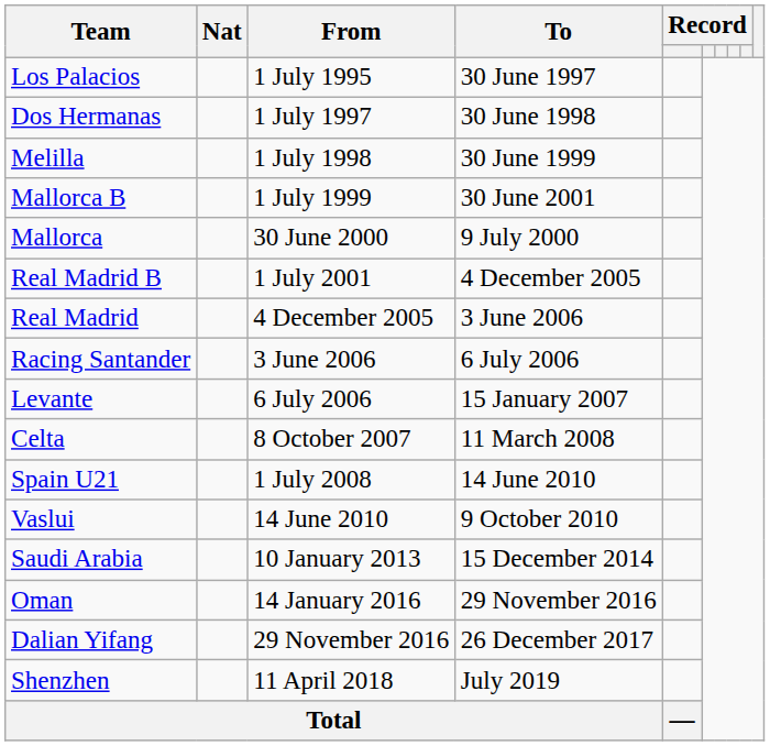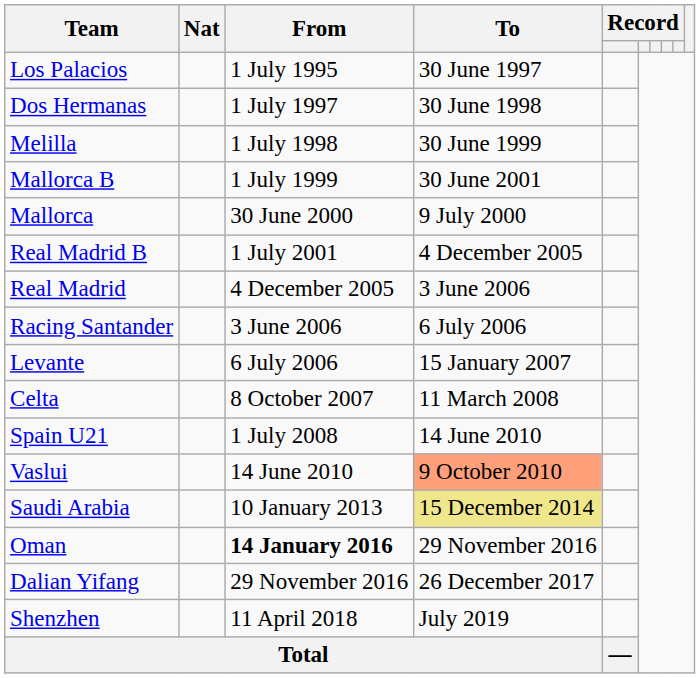 <table class="wikitable" style="text-align: center">
 <tr>
 <th rowspan="2">Team</th>
 <th rowspan="2">Nat</th>
 <th rowspan="2">From</th>
 <th rowspan="2">To</th>
 <th colspan=5>Record</th>
 <th rowspan="2"></th>
 </tr>
 <tr>
 <th></th>
 <th></th>
 <th></th>
 <th></th>
 <th></th>
 </tr>
 <tr>
 <td align=left><a href='#'>Los Palacios</a></td>
 <td></td>
 <td align=left>1 July 1995</td>
 <td align=left>30 June 1997<br></td>
 <td></td>
 </tr>
 <tr>
 <td align=left><a href='#'>Dos Hermanas</a></td>
 <td></td>
 <td align=left>1 July 1997</td>
 <td align=left>30 June 1998<br></td>
 <td></td>
 </tr>
 <tr>
 <td align=left><a href='#'>Melilla</a></td>
 <td></td>
 <td align=left>1 July 1998</td>
 <td align=left>30 June 1999<br></td>
 <td></td>
 </tr>
 <tr>
 <td align=left><a href='#'>Mallorca B</a></td>
 <td></td>
 <td align=left>1 July 1999</td>
 <td align=left>30 June 2001<br></td>
 <td></td>
 </tr>
 <tr>
 <td align=left><a href='#'>Mallorca</a></td>
 <td></td>
 <td align=left>30 June 2000</td>
 <td align=left>9 July 2000<br></td>
 <td></td>
 </tr>
 <tr>
 <td align=left><a href='#'>Real Madrid B</a></td>
 <td></td>
 <td align=left>1 July 2001</td>
 <td align=left>4 December 2005<br></td>
 <td></td>
 </tr>
 <tr>
 <td align=left><a href='#'>Real Madrid</a></td>
 <td></td>
 <td align=left>4 December 2005</td>
 <td align=left>3 June 2006<br></td>
 <td></td>
 </tr>
 <tr>
 <td align=left><a href='#'>Racing Santander</a></td>
 <td></td>
 <td align=left>3 June 2006</td>
 <td align=left>6 July 2006<br></td>
 <td></td>
 </tr>
 <tr>
 <td align=left><a href='#'>Levante</a></td>
 <td></td>
 <td align=left>6 July 2006</td>
 <td align=left>15 January 2007<br></td>
 <td></td>
 </tr>
 <tr>
 <td align=left><a href='#'>Celta</a></td>
 <td></td>
 <td align=left>8 October 2007</td>
 <td align=left>11 March 2008<br></td>
 <td></td>
 </tr>
 <tr>
 <td align=left><a href='#'>Spain U21</a></td>
 <td></td>
 <td align=left>1 July 2008</td>
 <td align=left>14 June 2010<br></td>
 <td></td>
 </tr>
 <tr>
 <td align=left><a href='#'>Vaslui</a></td>
 <td></td>
 <td align=left>14 June 2010</td>
-<td align=left>9 October 2010<br></td>
+<td align=left style="background: lightsalmon;">9 October 2010<br></td>
 <td></td>
 </tr>
 <tr>
 <td align=left><a href='#'>Saudi Arabia</a></td>
 <td></td>
 <td align=left>10 January 2013</td>
-<td align=left>15 December 2014<br></td>
+<td align=left style="background: khaki;">15 December 2014<br></td>
 <td></td>
 </tr>
 <tr>
 <td align=left><a href='#'>Oman</a></td>
 <td></td>
-<td align=left>14 January 2016</td>
+<td align=left><strong>14 January 2016</strong></td>
 <td align=left>29 November 2016<br></td>
 <td></td>
 </tr>
 <tr>
 <td align=left><a href='#'>Dalian Yifang</a></td>
 <td></td>
 <td align=left>29 November 2016</td>
 <td align=left>26 December 2017<br></td>
 <td></td>
 </tr>
 <tr>
 <td align=left><a href='#'>Shenzhen</a></td>
 <td></td>
 <td align=left>11 April 2018</td>
 <td align=left>July 2019<br></td>
 <td></td>
 </tr>
 <tr>
 <th colspan="4">Total<br></th>
 <th>—</th>
 </tr>
 </table>
